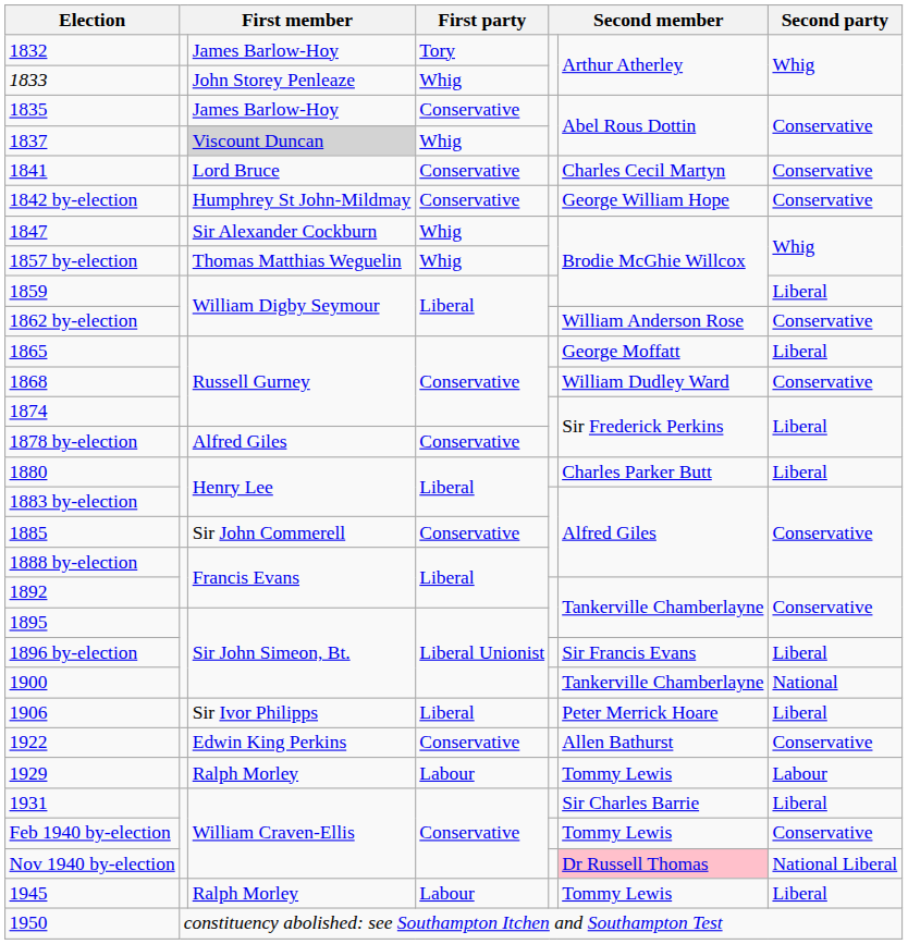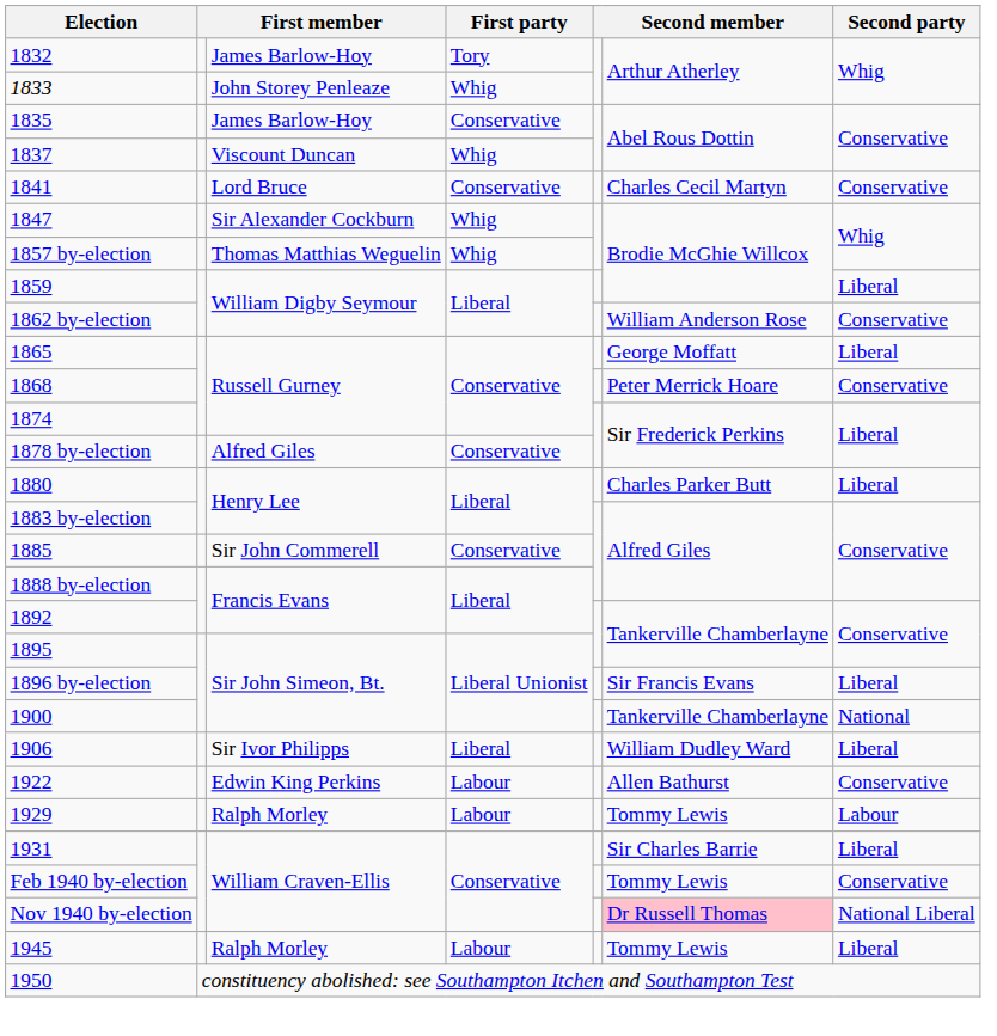 <table class="wikitable">
 <tr>
 <th>Election</th>
 <th colspan="2">First member</th>
 <th>First party</th>
 <th colspan="2">Second member</th>
 <th>Second party</th>
 </tr>
 <tr>
 <td><a href='#'>1832</a></td>
 <td style="color:inherit;background-color: "></td>
 <td><a href='#'>James Barlow-Hoy</a></td>
 <td><a href='#'>Tory</a></td>
 <td rowspan="2" style="color:inherit;background-color: "></td>
 <td rowspan="2"><a href='#'>Arthur Atherley</a></td>
 <td rowspan="2"><a href='#'>Whig</a></td>
 </tr>
 <tr>
 <td><em>1833</em></td>
 <td style="color:inherit;background-color: "></td>
 <td><a href='#'>John Storey Penleaze</a></td>
 <td><a href='#'>Whig</a></td>
 </tr>
 <tr>
 <td><a href='#'>1835</a></td>
 <td style="color:inherit;background-color: "></td>
 <td><a href='#'>James Barlow-Hoy</a></td>
 <td><a href='#'>Conservative</a></td>
 <td rowspan="2" style="color:inherit;background-color: "></td>
 <td rowspan="2"><a href='#'>Abel Rous Dottin</a></td>
 <td rowspan="2"><a href='#'>Conservative</a></td>
 </tr>
 <tr>
 <td><a href='#'>1837</a></td>
 <td style="color:inherit;background-color: "></td>
-<td style="background: lightgrey;"><a href='#'>Viscount Duncan</a></td>
+<td><a href='#'>Viscount Duncan</a></td>
 <td><a href='#'>Whig</a></td>
 </tr>
 <tr>
 <td><a href='#'>1841</a></td>
 <td style="color:inherit;background-color: "></td>
 <td><a href='#'>Lord Bruce</a></td>
 <td><a href='#'>Conservative</a></td>
 <td style="color:inherit;background-color: "></td>
 <td><a href='#'>Charles Cecil Martyn</a></td>
-<td><a href='#'>Conservative</a></td>
-</tr>
-<tr>
-<td><a href='#'>1842 by-election</a></td>
-<td style="color:inherit;background-color: "></td>
-<td><a href='#'>Humphrey St John-Mildmay</a></td>
-<td><a href='#'>Conservative</a></td>
-<td style="color:inherit;background-color: "></td>
-<td><a href='#'>George William Hope</a></td>
 <td><a href='#'>Conservative</a></td>
 </tr>
 <tr>
 <td><a href='#'>1847</a></td>
 <td style="color:inherit;background-color: "></td>
 <td><a href='#'>Sir Alexander Cockburn</a></td>
 <td><a href='#'>Whig</a></td>
 <td rowspan="2" style="color:inherit;background-color: "></td>
 <td rowspan="3"><a href='#'>Brodie McGhie Willcox</a></td>
 <td rowspan="2"><a href='#'>Whig</a></td>
 </tr>
 <tr>
 <td><a href='#'>1857 by-election</a></td>
 <td style="color:inherit;background-color: "></td>
 <td><a href='#'>Thomas Matthias Weguelin</a></td>
 <td><a href='#'>Whig</a></td>
 </tr>
 <tr>
 <td><a href='#'>1859</a></td>
 <td rowspan="2" style="color:inherit;background-color: "></td>
 <td rowspan="2"><a href='#'>William Digby Seymour</a></td>
 <td rowspan="2"><a href='#'>Liberal</a></td>
 <td style="color:inherit;background-color: "></td>
 <td><a href='#'>Liberal</a></td>
 </tr>
 <tr>
 <td><a href='#'>1862 by-election</a></td>
 <td style="color:inherit;background-color: "></td>
 <td><a href='#'>William Anderson Rose</a></td>
 <td><a href='#'>Conservative</a></td>
 </tr>
 <tr>
 <td><a href='#'>1865</a></td>
 <td rowspan="3" style="color:inherit;background-color: "></td>
 <td rowspan="3"><a href='#'>Russell Gurney</a></td>
 <td rowspan="3"><a href='#'>Conservative</a></td>
 <td style="color:inherit;background-color: "></td>
 <td><a href='#'>George Moffatt</a></td>
 <td><a href='#'>Liberal</a></td>
 </tr>
 <tr>
 <td><a href='#'>1868</a></td>
 <td style="color:inherit;background-color: "></td>
-<td><a href='#'>William Dudley Ward</a></td>
+<td><a href='#'>Peter Merrick Hoare</a></td>
 <td><a href='#'>Conservative</a></td>
 </tr>
 <tr>
 <td><a href='#'>1874</a></td>
 <td rowspan="2" style="color:inherit;background-color: "></td>
 <td rowspan="2">Sir <a href='#'>Frederick Perkins</a></td>
 <td rowspan="2"><a href='#'>Liberal</a></td>
 </tr>
 <tr>
 <td><a href='#'>1878 by-election</a></td>
 <td style="color:inherit;background-color: "></td>
 <td><a href='#'>Alfred Giles</a></td>
 <td><a href='#'>Conservative</a></td>
 </tr>
 <tr>
 <td><a href='#'>1880</a></td>
 <td rowspan="2" style="color:inherit;background-color: "></td>
 <td rowspan="2"><a href='#'>Henry Lee</a></td>
 <td rowspan="2"><a href='#'>Liberal</a></td>
 <td style="color:inherit;background-color: "></td>
 <td><a href='#'>Charles Parker Butt</a></td>
 <td><a href='#'>Liberal</a></td>
 </tr>
 <tr>
 <td><a href='#'>1883 by-election</a></td>
 <td rowspan="3" style="color:inherit;background-color: "></td>
 <td rowspan="3"><a href='#'>Alfred Giles</a></td>
 <td rowspan="3"><a href='#'>Conservative</a></td>
 </tr>
 <tr>
 <td><a href='#'>1885</a></td>
 <td style="color:inherit;background-color: "></td>
 <td>Sir <a href='#'>John Commerell</a></td>
 <td><a href='#'>Conservative</a></td>
 </tr>
 <tr>
 <td><a href='#'>1888 by-election</a></td>
 <td rowspan="2" style="color:inherit;background-color: "></td>
 <td rowspan="2"><a href='#'>Francis Evans</a></td>
 <td rowspan="2"><a href='#'>Liberal</a></td>
 </tr>
 <tr>
 <td><a href='#'>1892</a></td>
 <td rowspan="2" style="color:inherit;background-color: "></td>
 <td rowspan="2"><a href='#'>Tankerville Chamberlayne</a></td>
 <td rowspan="2"><a href='#'>Conservative</a></td>
 </tr>
 <tr>
 <td><a href='#'>1895</a></td>
 <td rowspan="3" style="color:inherit;background-color: "></td>
 <td rowspan="3"><a href='#'>Sir John Simeon, Bt.</a></td>
 <td rowspan="3"><a href='#'>Liberal Unionist</a></td>
 </tr>
 <tr>
 <td><a href='#'>1896 by-election</a></td>
 <td style="color:inherit;background-color: "></td>
 <td><a href='#'>Sir Francis Evans</a></td>
 <td><a href='#'>Liberal</a></td>
 </tr>
 <tr>
 <td><a href='#'>1900</a></td>
 <td style="color:inherit;background-color: "></td>
 <td><a href='#'>Tankerville Chamberlayne</a></td>
 <td><a href='#'>National</a></td>
 </tr>
 <tr>
 <td><a href='#'>1906</a></td>
 <td style="color:inherit;background-color: "></td>
 <td>Sir <a href='#'>Ivor Philipps</a></td>
 <td><a href='#'>Liberal</a></td>
 <td style="color:inherit;background-color: "></td>
-<td><a href='#'>Peter Merrick Hoare</a></td>
+<td><a href='#'>William Dudley Ward</a></td>
 <td><a href='#'>Liberal</a></td>
 </tr>
 <tr>
 <td><a href='#'>1922</a></td>
 <td style="color:inherit;background-color: "></td>
 <td><a href='#'>Edwin King Perkins</a></td>
-<td><a href='#'>Conservative</a></td>
+<td><a href='#'>Labour</a></td>
 <td style="color:inherit;background-color: "></td>
 <td><a href='#'>Allen Bathurst</a></td>
 <td><a href='#'>Conservative</a></td>
 </tr>
 <tr>
 <td><a href='#'>1929</a></td>
 <td style="color:inherit;background-color: "></td>
 <td><a href='#'>Ralph Morley</a></td>
 <td><a href='#'>Labour</a></td>
 <td style="color:inherit;background-color: "></td>
 <td><a href='#'>Tommy Lewis</a></td>
 <td><a href='#'>Labour</a></td>
 </tr>
 <tr>
 <td><a href='#'>1931</a></td>
 <td rowspan="3" style="color:inherit;background-color: "></td>
 <td rowspan="3"><a href='#'>William Craven-Ellis</a></td>
 <td rowspan="3"><a href='#'>Conservative</a></td>
 <td style="color:inherit;background-color: "></td>
 <td><a href='#'>Sir Charles Barrie</a></td>
 <td><a href='#'>Liberal</a></td>
 </tr>
 <tr>
 <td><a href='#'>Feb 1940 by-election</a></td>
 <td style="color:inherit;background-color: "></td>
 <td><a href='#'>Tommy Lewis</a></td>
 <td><a href='#'>Conservative</a></td>
 </tr>
 <tr>
 <td><a href='#'>Nov 1940 by-election</a></td>
 <td style="color:inherit;background-color: "></td>
 <td style="background: pink;"><a href='#'>Dr Russell Thomas</a></td>
 <td><a href='#'>National Liberal</a></td>
 </tr>
 <tr>
 <td><a href='#'>1945</a></td>
 <td style="color:inherit;background-color: "></td>
 <td><a href='#'>Ralph Morley</a></td>
 <td><a href='#'>Labour</a></td>
 <td style="color:inherit;background-color: "></td>
 <td><a href='#'>Tommy Lewis</a></td>
 <td><a href='#'>Liberal</a></td>
 </tr>
 <tr>
 <td><a href='#'>1950</a></td>
 <td colspan="6"><em>constituency abolished: see <a href='#'>Southampton Itchen</a> and <a href='#'>Southampton Test</a></em></td>
 </tr>
 </table>
